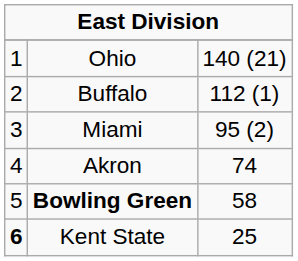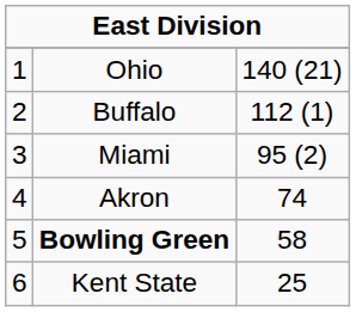 <table class="wikitable">
 <tr align="center">
 <td align="center" Colspan="3"><strong>East Division</strong></td>
 </tr>
 <tr align="center">
 </tr>
 <tr align="center">
 <td>1</td>
 <td>Ohio</td>
 <td>140 (21)</td>
 </tr>
 <tr align="center">
 <td>2</td>
 <td>Buffalo</td>
 <td>112 (1)</td>
 </tr>
 <tr align="center">
 <td>3</td>
 <td>Miami</td>
 <td>95 (2)</td>
 </tr>
 <tr align="center">
 <td>4</td>
 <td>Akron</td>
 <td>74</td>
 </tr>
 <tr align="center">
 <td>5</td>
 <td><strong>Bowling Green</strong></td>
 <td>58</td>
 </tr>
 <tr align="center">
-<td><strong>6</strong></td>
+<td>6</td>
 <td>Kent State</td>
 <td>25</td>
 </tr>
 </table>
